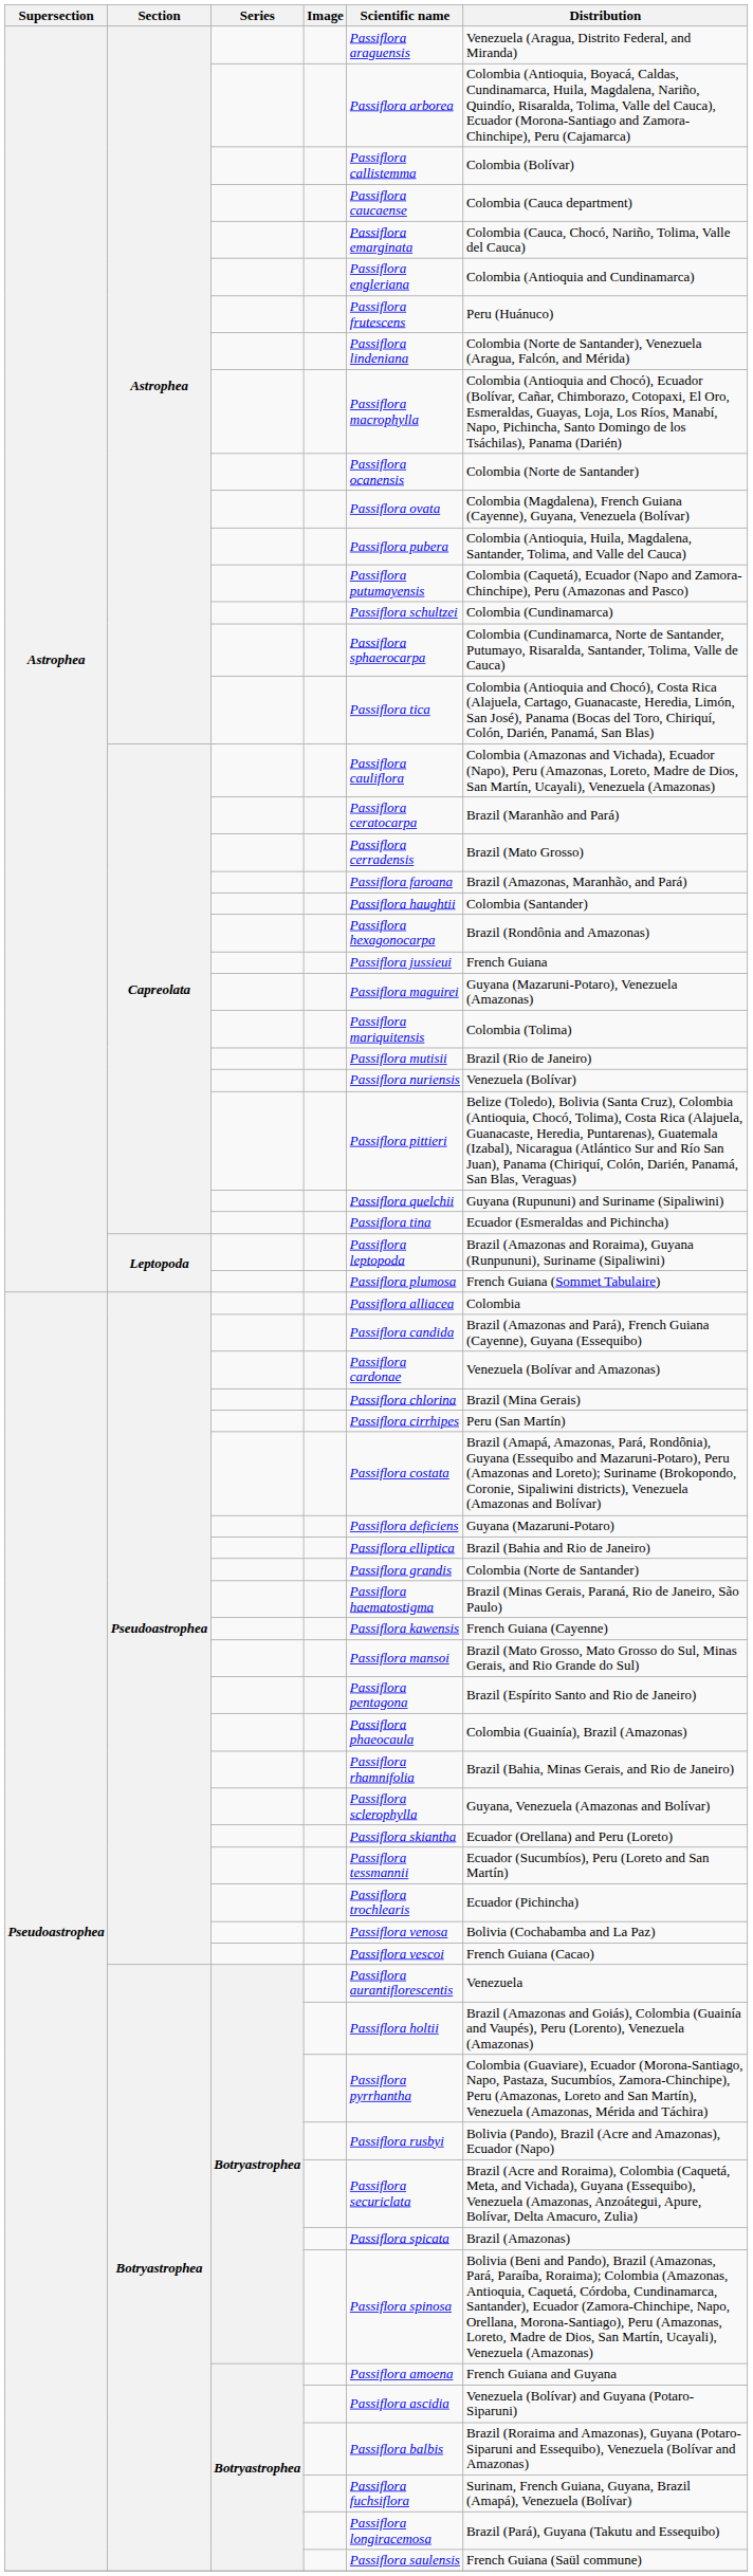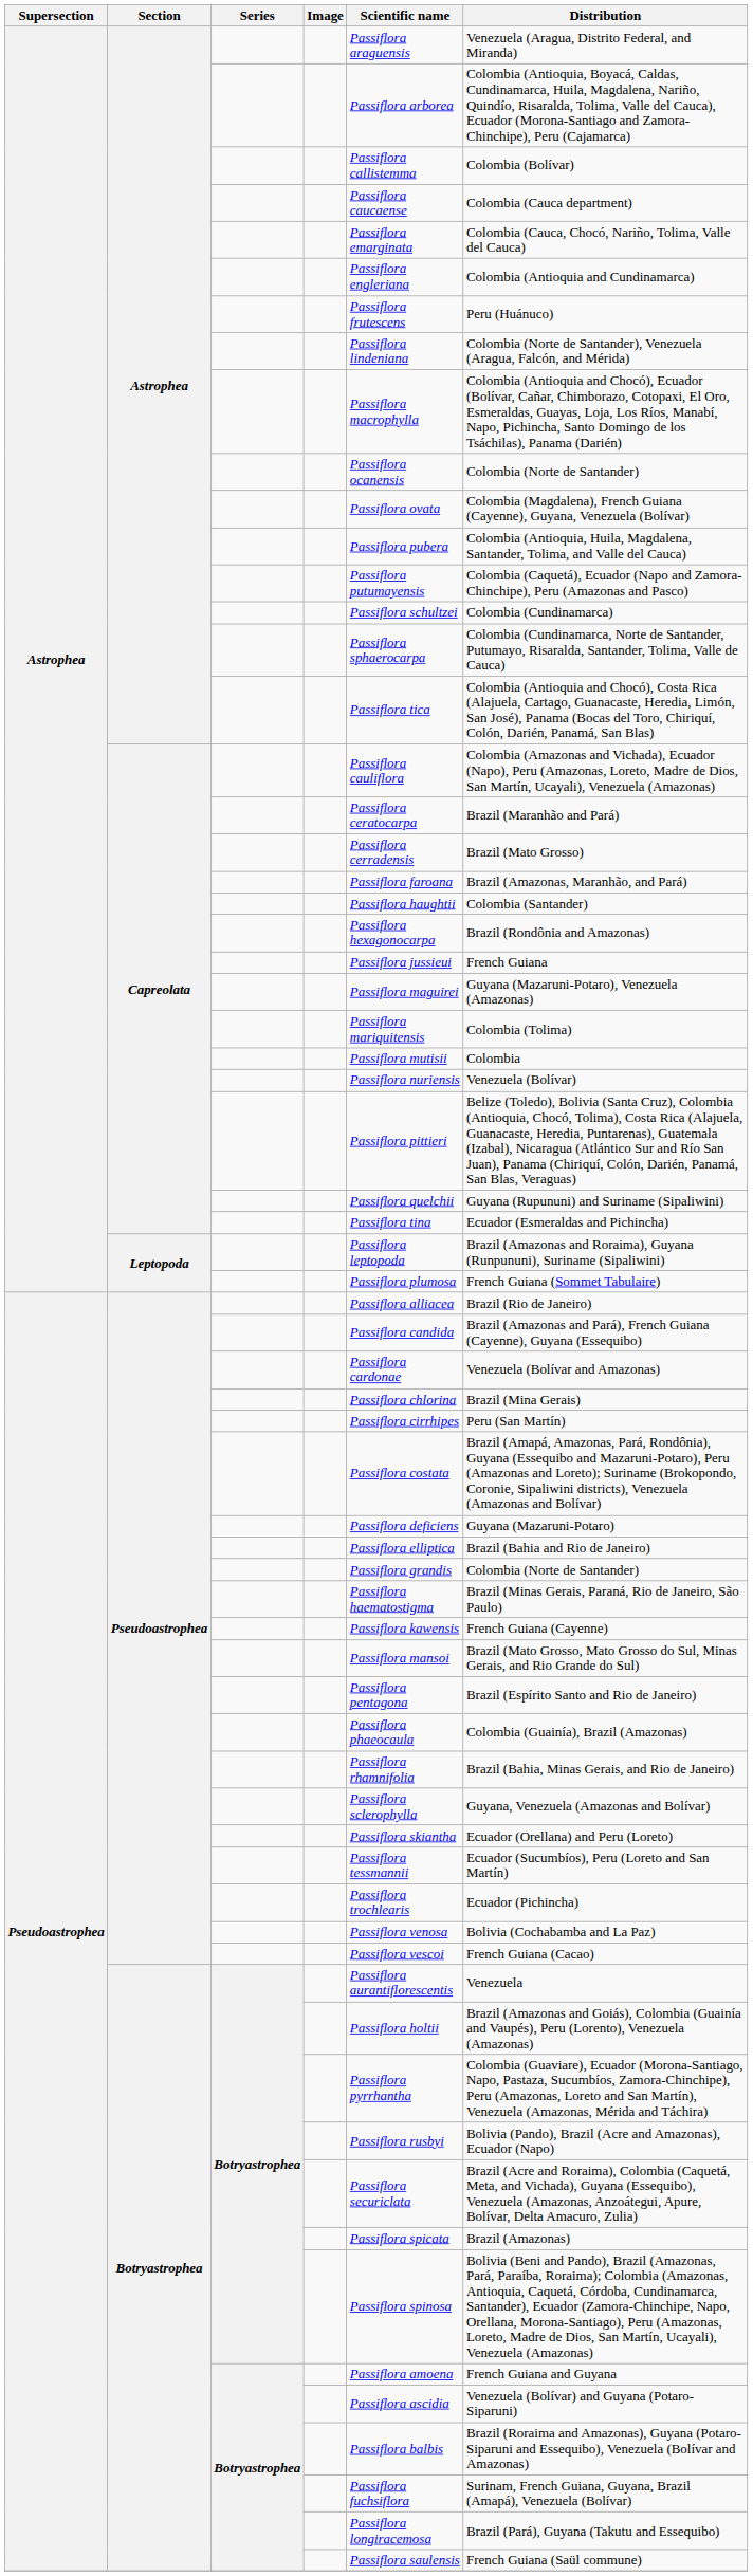 <table class="wikitable collapsible">
 <tr>
 <th>Supersection</th>
 <th>Section</th>
 <th>Series</th>
 <th>Image</th>
 <th>Scientific name</th>
 <th>Distribution</th>
 </tr>
 <tr>
 <th rowspan="32" style="text-align:center;"><em>Astrophea</em></th>
 <th rowspan="16" style="text-align:center;"><em>Astrophea</em></th>
 <td></td>
 <td></td>
 <td><em><a href='#'>Passiflora araguensis</a></em></td>
 <td>Venezuela (Aragua, Distrito Federal, and Miranda)</td>
 </tr>
 <tr>
 <td></td>
 <td></td>
 <td><em><a href='#'>Passiflora arborea</a></em></td>
 <td>Colombia (Antioquia, Boyacá, Caldas, Cundinamarca, Huila, Magdalena, Nariño, Quindío, Risaralda, Tolima, Valle del Cauca), Ecuador (Morona-Santiago and Zamora-Chinchipe),  Peru (Cajamarca)</td>
 </tr>
 <tr>
 <td></td>
 <td></td>
 <td><em><a href='#'>Passiflora callistemma</a></em></td>
 <td>Colombia (Bolívar)</td>
 </tr>
 <tr>
 <td></td>
 <td></td>
 <td><em><a href='#'>Passiflora caucaense</a></em></td>
 <td>Colombia (Cauca department)</td>
 </tr>
 <tr>
 <td></td>
 <td></td>
 <td><em><a href='#'>Passiflora emarginata</a></em></td>
 <td>Colombia (Cauca, Chocó, Nariño, Tolima, Valle del Cauca)</td>
 </tr>
 <tr>
 <td></td>
 <td></td>
 <td><em><a href='#'>Passiflora engleriana</a></em></td>
 <td>Colombia (Antioquia and Cundinamarca)</td>
 </tr>
 <tr>
 <td></td>
 <td></td>
 <td><em><a href='#'>Passiflora frutescens</a></em></td>
 <td>Peru (Huánuco)</td>
 </tr>
 <tr>
 <td></td>
 <td></td>
 <td><em><a href='#'>Passiflora lindeniana</a></em></td>
 <td>Colombia (Norte de Santander), Venezuela (Aragua, Falcón, and Mérida)</td>
 </tr>
 <tr>
 <td></td>
 <td></td>
 <td><em><a href='#'>Passiflora macrophylla</a></em></td>
 <td>Colombia (Antioquia and Chocó), Ecuador (Bolívar, Cañar, Chimborazo, Cotopaxi, El Oro, Esmeraldas, Guayas, Loja,  Los Ríos, Manabí, Napo, Pichincha, Santo Domingo de los Tsáchilas), Panama (Darién)</td>
 </tr>
 <tr>
 <td></td>
 <td></td>
 <td><em><a href='#'>Passiflora ocanensis</a></em></td>
 <td>Colombia (Norte de Santander)</td>
 </tr>
 <tr>
 <td></td>
 <td></td>
 <td><em><a href='#'>Passiflora ovata</a></em></td>
 <td>Colombia (Magdalena), French Guiana (Cayenne), Guyana,  Venezuela (Bolívar)</td>
 </tr>
 <tr>
 <td></td>
 <td></td>
 <td><em><a href='#'>Passiflora pubera</a></em></td>
 <td>Colombia (Antioquia, Huila, Magdalena, Santander, Tolima, and Valle del Cauca)</td>
 </tr>
 <tr>
 <td></td>
 <td></td>
 <td><em><a href='#'>Passiflora putumayensis</a></em></td>
 <td>Colombia (Caquetá), Ecuador (Napo and Zamora-Chinchipe), Peru (Amazonas and Pasco)</td>
 </tr>
 <tr>
 <td></td>
 <td></td>
 <td><em><a href='#'>Passiflora schultzei</a></em></td>
 <td>Colombia (Cundinamarca)</td>
 </tr>
 <tr>
 <td></td>
 <td></td>
 <td><em><a href='#'>Passiflora sphaerocarpa</a></em></td>
 <td>Colombia (Cundinamarca, Norte de Santander, Putumayo, Risaralda, Santander, Tolima, Valle de Cauca)</td>
 </tr>
 <tr>
 <td></td>
 <td></td>
 <td><em><a href='#'>Passiflora tica</a></em></td>
 <td>Colombia (Antioquia and Chocó), Costa Rica (Alajuela, Cartago, Guanacaste, Heredia, Limón, San José), Panama (Bocas del Toro, Chiriquí, Colón, Darién,  Panamá, San Blas)</td>
 </tr>
 <tr>
 <th rowspan="14" style="text-align:center;"><em>Capreolata</em></th>
 <td></td>
 <td></td>
 <td><em><a href='#'>Passiflora cauliflora</a></em></td>
 <td>Colombia (Amazonas and Vichada), Ecuador (Napo),  Peru (Amazonas, Loreto, Madre de Dios, San Martín, Ucayali),  Venezuela (Amazonas)</td>
 </tr>
 <tr>
 <td></td>
 <td></td>
 <td><em><a href='#'>Passiflora ceratocarpa</a></em></td>
 <td>Brazil (Maranhão and Pará)</td>
 </tr>
 <tr>
 <td></td>
 <td></td>
 <td><em><a href='#'>Passiflora cerradensis</a></em></td>
 <td>Brazil (Mato Grosso)</td>
 </tr>
 <tr>
 <td></td>
 <td></td>
 <td><em><a href='#'>Passiflora faroana</a></em></td>
 <td>Brazil (Amazonas, Maranhão, and Pará)</td>
 </tr>
 <tr>
 <td></td>
 <td></td>
 <td><em><a href='#'>Passiflora haughtii</a></em></td>
 <td>Colombia (Santander)</td>
 </tr>
 <tr>
 <td></td>
 <td></td>
 <td><em><a href='#'>Passiflora hexagonocarpa</a></em></td>
 <td>Brazil (Rondônia and Amazonas)</td>
 </tr>
 <tr>
 <td></td>
 <td></td>
 <td><em><a href='#'>Passiflora jussieui</a></em></td>
 <td>French Guiana</td>
 </tr>
 <tr>
 <td></td>
 <td></td>
 <td><em><a href='#'>Passiflora maguirei</a></em></td>
 <td>Guyana (Mazaruni-Potaro), Venezuela (Amazonas)</td>
 </tr>
 <tr>
 <td></td>
 <td></td>
 <td><em><a href='#'>Passiflora mariquitensis</a></em></td>
 <td>Colombia (Tolima)</td>
 </tr>
 <tr>
 <td></td>
 <td></td>
 <td><em><a href='#'>Passiflora mutisii</a></em></td>
-<td>Brazil (Rio de Janeiro)</td>
+<td>Colombia</td>
 </tr>
 <tr>
 <td></td>
 <td></td>
 <td><em><a href='#'>Passiflora nuriensis</a></em></td>
 <td>Venezuela (Bolívar)</td>
 </tr>
 <tr>
 <td></td>
 <td></td>
 <td><em><a href='#'>Passiflora pittieri</a></em></td>
 <td>Belize (Toledo),  Bolivia (Santa Cruz), Colombia (Antioquia, Chocó, Tolima), Costa Rica (Alajuela, Guanacaste, Heredia, Puntarenas), Guatemala (Izabal), Nicaragua (Atlántico Sur  and Río San Juan), Panama (Chiriquí, Colón, Darién, Panamá, San Blas, Veraguas)</td>
 </tr>
 <tr>
 <td></td>
 <td></td>
 <td><em><a href='#'>Passiflora quelchii</a></em></td>
 <td>Guyana (Rupununi) and Suriname (Sipaliwini)</td>
 </tr>
 <tr>
 <td></td>
 <td></td>
 <td><em><a href='#'>Passiflora tina</a></em></td>
 <td>Ecuador (Esmeraldas and Pichincha)</td>
 </tr>
 <tr>
 <th rowspan="2" style="text-align:center;"><em>Leptopoda</em></th>
 <td></td>
 <td></td>
 <td><em><a href='#'>Passiflora leptopoda</a></em></td>
 <td>Brazil (Amazonas and Roraima), Guyana (Runpununi), Suriname (Sipaliwini)</td>
 </tr>
 <tr>
 <td></td>
 <td></td>
 <td><em><a href='#'>Passiflora plumosa</a></em></td>
 <td>French Guiana (<a href='#'>Sommet Tabulaire</a>)</td>
 </tr>
 <tr>
 <th rowspan="34" style="text-align:center;"><em>Pseudoastrophea</em></th>
 <th rowspan="21" style="text-align:center;"><em>Pseudoastrophea</em></th>
 <td></td>
 <td></td>
 <td><em><a href='#'>Passiflora alliacea</a></em></td>
-<td>Colombia</td>
+<td>Brazil (Rio de Janeiro)</td>
 </tr>
 <tr>
 <td></td>
 <td></td>
 <td><em><a href='#'>Passiflora candida</a></em></td>
 <td>Brazil (Amazonas and Pará), French Guiana (Cayenne), Guyana (Essequibo)</td>
 </tr>
 <tr>
 <td></td>
 <td></td>
 <td><em><a href='#'>Passiflora cardonae</a></em></td>
 <td>Venezuela (Bolívar and Amazonas)</td>
 </tr>
 <tr>
 <td></td>
 <td></td>
 <td><em><a href='#'>Passiflora chlorina</a></em></td>
 <td>Brazil (Mina Gerais)</td>
 </tr>
 <tr>
 <td></td>
 <td></td>
 <td><em><a href='#'>Passiflora cirrhipes</a></em></td>
 <td>Peru (San Martín)</td>
 </tr>
 <tr>
 <td></td>
 <td></td>
 <td><em><a href='#'>Passiflora costata</a></em></td>
 <td>Brazil (Amapá, Amazonas, Pará, Rondônia), Guyana (Essequibo and Mazaruni-Potaro), Peru (Amazonas and Loreto); Suriname (Brokopondo, Coronie, Sipaliwini districts), Venezuela (Amazonas and Bolívar)</td>
 </tr>
 <tr>
 <td></td>
 <td></td>
 <td><em><a href='#'>Passiflora deficiens</a></em></td>
 <td>Guyana (Mazaruni-Potaro)</td>
 </tr>
 <tr>
 <td></td>
 <td></td>
 <td><em><a href='#'>Passiflora elliptica</a></em></td>
 <td>Brazil (Bahia and Rio de Janeiro)</td>
 </tr>
 <tr>
 <td></td>
 <td></td>
 <td><em><a href='#'>Passiflora grandis</a></em></td>
 <td>Colombia (Norte de Santander)</td>
 </tr>
 <tr>
 <td></td>
 <td></td>
 <td><em><a href='#'>Passiflora haematostigma</a> </em></td>
 <td>Brazil (Minas Gerais, Paraná, Rio de Janeiro, São Paulo)</td>
 </tr>
 <tr>
 <td></td>
 <td></td>
 <td><em><a href='#'>Passiflora kawensis</a></em></td>
 <td>French Guiana (Cayenne)</td>
 </tr>
 <tr>
 <td></td>
 <td></td>
 <td><em><a href='#'>Passiflora mansoi</a></em></td>
 <td>Brazil (Mato Grosso, Mato Grosso do Sul, Minas Gerais, and Rio Grande do Sul)</td>
 </tr>
 <tr>
 <td></td>
 <td></td>
 <td><em><a href='#'>Passiflora pentagona</a> </em></td>
 <td>Brazil (Espírito Santo and Rio de Janeiro)</td>
 </tr>
 <tr>
 <td></td>
 <td></td>
 <td><em><a href='#'>Passiflora phaeocaula</a></em></td>
 <td>Colombia (Guainía),  Brazil (Amazonas)</td>
 </tr>
 <tr>
 <td></td>
 <td></td>
 <td><em><a href='#'>Passiflora rhamnifolia</a></em></td>
 <td>Brazil (Bahia, Minas Gerais, and Rio de Janeiro)</td>
 </tr>
 <tr>
 <td></td>
 <td></td>
 <td><em><a href='#'>Passiflora sclerophylla</a> </em></td>
 <td>Guyana, Venezuela (Amazonas and Bolívar)</td>
 </tr>
 <tr>
 <td></td>
 <td></td>
 <td><em><a href='#'>Passiflora skiantha</a></em></td>
 <td>Ecuador (Orellana) and Peru (Loreto)</td>
 </tr>
 <tr>
 <td></td>
 <td></td>
 <td><em><a href='#'>Passiflora tessmannii</a></em></td>
 <td>Ecuador (Sucumbíos), Peru (Loreto and San Martín)</td>
 </tr>
 <tr>
 <td></td>
 <td></td>
 <td><em><a href='#'>Passiflora trochlearis</a></em></td>
 <td>Ecuador (Pichincha)</td>
 </tr>
 <tr>
 <td></td>
 <td></td>
 <td><em><a href='#'>Passiflora venosa</a></em></td>
 <td>Bolivia (Cochabamba and La Paz)</td>
 </tr>
 <tr>
 <td></td>
 <td></td>
 <td><em><a href='#'>Passiflora vescoi</a></em></td>
 <td>French Guiana (Cacao)</td>
 </tr>
 <tr>
 <th rowspan="13" style="text-align:center;"><em>Botryastrophea</em></th>
 <th rowspan="7" style="text-align:center;"><em>Botryastrophea</em></th>
 <td></td>
 <td><em><a href='#'>Passiflora aurantiflorescentis</a></em></td>
 <td>Venezuela</td>
 </tr>
 <tr>
 <td></td>
 <td><em><a href='#'>Passiflora holtii</a></em></td>
 <td>Brazil (Amazonas and Goiás), Colombia (Guainía and Vaupés), Peru (Lorento), Venezuela (Amazonas)</td>
 </tr>
 <tr>
 <td></td>
 <td><em><a href='#'>Passiflora pyrrhantha</a></em></td>
 <td>Colombia (Guaviare), Ecuador (Morona-Santiago, Napo, Pastaza, Sucumbíos, Zamora-Chinchipe), Peru (Amazonas, Loreto and San Martín), Venezuela (Amazonas, Mérida and Táchira)</td>
 </tr>
 <tr>
 <td></td>
 <td><em><a href='#'>Passiflora rusbyi</a></em></td>
 <td>Bolivia (Pando), Brazil (Acre and Amazonas), Ecuador (Napo)</td>
 </tr>
 <tr>
 <td></td>
 <td><em><a href='#'>Passiflora securiclata</a></em></td>
 <td>Brazil (Acre and Roraima), Colombia (Caquetá, Meta, and Vichada),  Guyana (Essequibo),  Venezuela (Amazonas, Anzoátegui, Apure, Bolívar, Delta Amacuro, Zulia)</td>
 </tr>
 <tr>
 <td></td>
 <td><em><a href='#'>Passiflora spicata</a></em></td>
 <td>Brazil (Amazonas)</td>
 </tr>
 <tr>
 <td></td>
 <td><em><a href='#'>Passiflora spinosa</a></em></td>
 <td>Bolivia (Beni and Pando), Brazil (Amazonas, Pará, Paraíba, Roraima); Colombia (Amazonas, Antioquia, Caquetá, Córdoba, Cundinamarca, Santander), Ecuador (Zamora-Chinchipe, Napo, Orellana, Morona-Santiago), Peru (Amazonas, Loreto, Madre de Dios, San Martín, Ucayali), Venezuela (Amazonas)</td>
 </tr>
 <tr>
 <th rowspan="6" style="text-align:center;"><em>Botryastrophea</em></th>
 <td></td>
 <td><em><a href='#'>Passiflora amoena</a></em></td>
 <td>French Guiana and Guyana</td>
 </tr>
 <tr>
 <td></td>
 <td><em><a href='#'>Passiflora ascidia</a></em></td>
 <td>Venezuela (Bolívar) and Guyana (Potaro-Siparuni)</td>
 </tr>
 <tr>
 <td></td>
 <td><em><a href='#'>Passiflora balbis</a></em></td>
 <td>Brazil (Roraima and Amazonas), Guyana (Potaro-Siparuni and Essequibo), Venezuela (Bolívar and Amazonas)</td>
 </tr>
 <tr>
 <td></td>
 <td><em><a href='#'>Passiflora fuchsiflora</a></em></td>
 <td>Surinam, French Guiana, Guyana, Brazil (Amapá), Venezuela (Bolívar)</td>
 </tr>
 <tr>
 <td></td>
 <td><em><a href='#'>Passiflora longiracemosa</a></em></td>
 <td>Brazil (Pará),  Guyana (Takutu and Essequibo)</td>
 </tr>
 <tr>
 <td></td>
 <td><em><a href='#'>Passiflora saulensis</a></em></td>
 <td>French Guiana (Saül commune)</td>
 </tr>
 <tr>
 </tr>
 </table>
